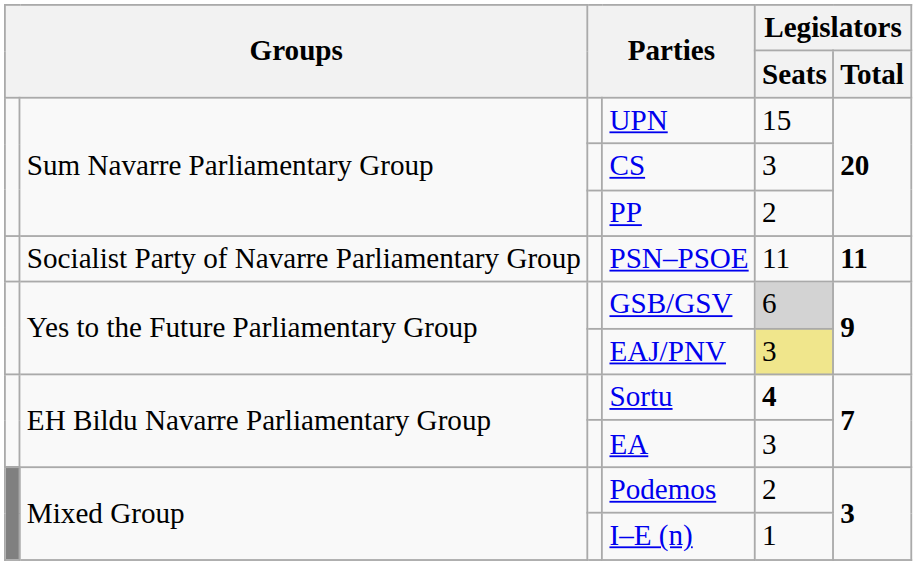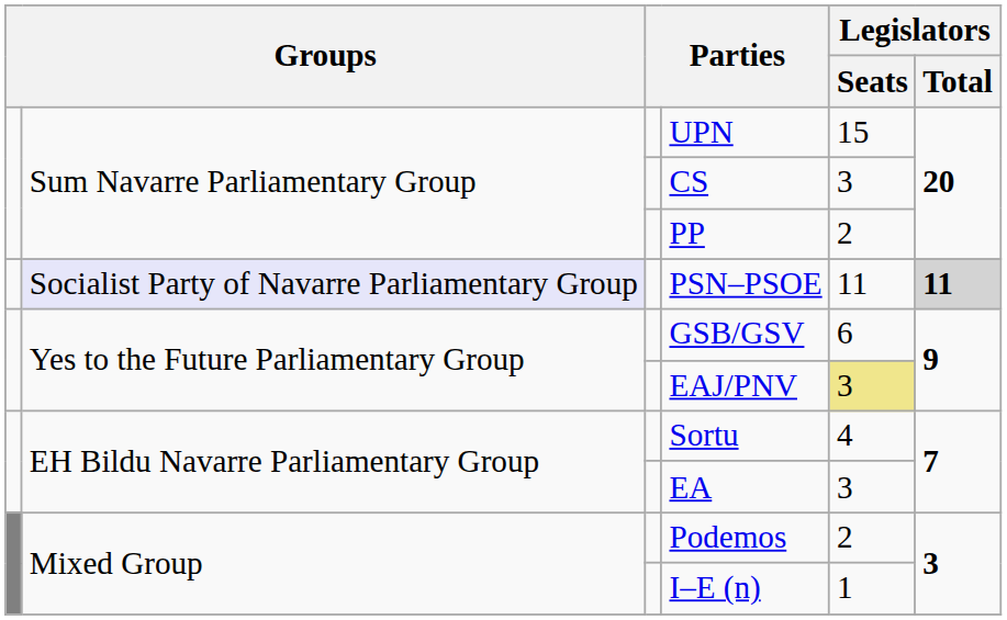 <table class="wikitable" style="text-align:left;">
 <tr>
 <th rowspan="2" colspan="2">Groups</th>
 <th rowspan="2" colspan="2">Parties</th>
 <th colspan="2">Legislators</th>
 </tr>
 <tr>
 <th>Seats</th>
 <th>Total</th>
 </tr>
 <tr>
 <td rowspan="3" width="1"></td>
 <td rowspan="3">Sum Navarre Parliamentary Group</td>
 <td width="1" style="color:inherit;background:"></td>
 <td><a href='#'>UPN</a></td>
 <td>15</td>
 <td rowspan="3"><strong>20</strong></td>
 </tr>
 <tr>
 <td style="color:inherit;background:"></td>
 <td><a href='#'>CS</a></td>
 <td>3</td>
 </tr>
 <tr>
 <td style="color:inherit;background:"></td>
 <td><a href='#'>PP</a></td>
 <td>2</td>
 </tr>
 <tr>
 <td style="color:inherit;background:"></td>
-<td>Socialist Party of Navarre Parliamentary Group</td>
+<td style="background: lavender;">Socialist Party of Navarre Parliamentary Group</td>
 <td style="color:inherit;background:"></td>
 <td><a href='#'>PSN–PSOE</a></td>
 <td>11</td>
-<td><strong>11</strong></td>
+<td style="background: lightgrey;"><strong>11</strong></td>
 </tr>
 <tr>
 <td rowspan="2" style="color:inherit;background:"></td>
 <td rowspan="2">Yes to the Future Parliamentary Group</td>
 <td style="color:inherit;background:"></td>
 <td><a href='#'>GSB/GSV</a></td>
-<td style="background: lightgrey;">6</td>
+<td>6</td>
 <td rowspan="2"><strong>9</strong></td>
 </tr>
 <tr>
 <td style="color:inherit;background:"></td>
 <td><a href='#'>EAJ/PNV</a></td>
 <td style="background: khaki;">3</td>
 </tr>
 <tr>
 <td rowspan="2" style="color:inherit;background:"></td>
 <td rowspan="2">EH Bildu Navarre Parliamentary Group</td>
 <td style="color:inherit;background:"></td>
 <td><a href='#'>Sortu</a></td>
-<td><strong>4</strong></td>
+<td>4</td>
 <td rowspan="2"><strong>7</strong></td>
 </tr>
 <tr>
 <td style="color:inherit;background:"></td>
 <td><a href='#'>EA</a></td>
 <td>3</td>
 </tr>
 <tr>
 <td rowspan="2" bgcolor="gray"></td>
 <td rowspan="2">Mixed Group</td>
 <td style="color:inherit;background:"></td>
 <td><a href='#'>Podemos</a></td>
 <td>2</td>
 <td rowspan="2"><strong>3</strong></td>
 </tr>
 <tr>
 <td style="color:inherit;background:"></td>
 <td><a href='#'>I–E (n)</a></td>
 <td>1</td>
 </tr>
 </table>
